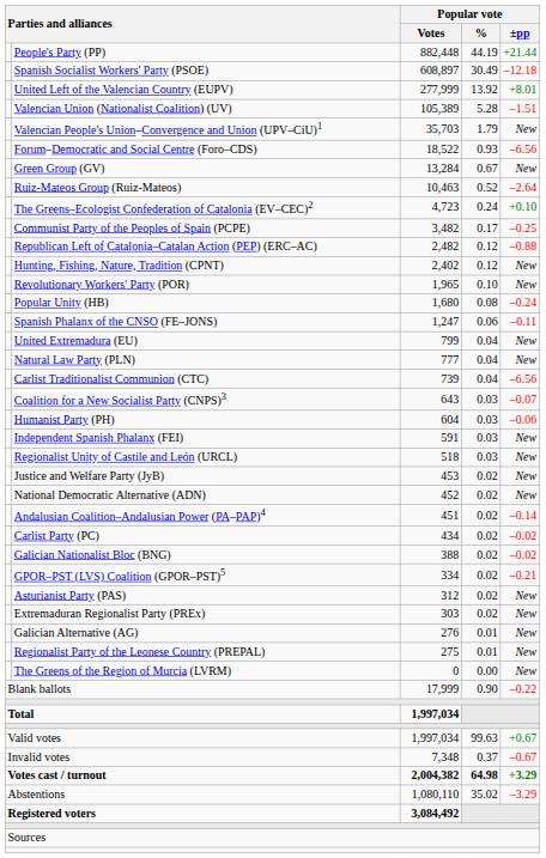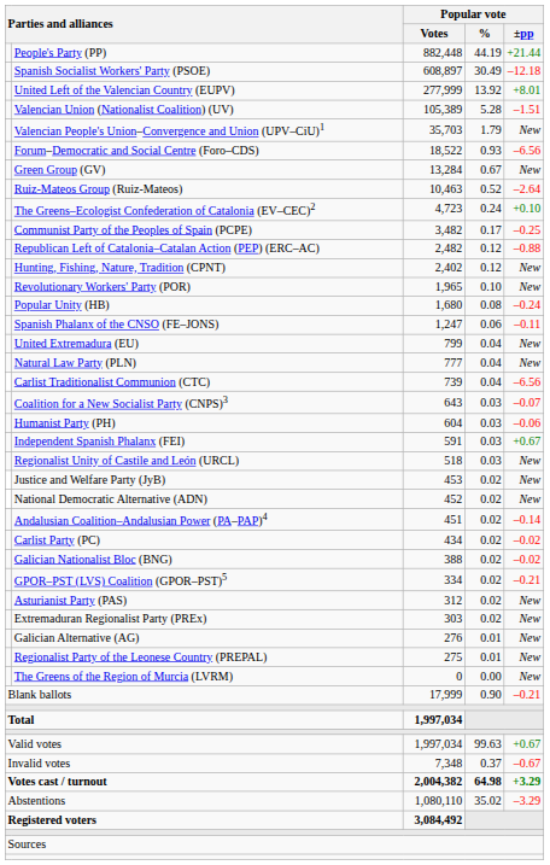 <table class="wikitable" style="text-align:right">
 <tr>
 <th style="text-align:left;" rowspan="2" colspan="2" width="525">Parties and alliances</th>
 <th colspan="3">Popular vote</th>
 </tr>
 <tr>
 <th width="75">Votes</th>
 <th width="45">%</th>
 <th width="45">±<a href='#'>pp</a></th>
 </tr>
 <tr>
 <td width="1" style="color:inherit;background:"></td>
 <td align="left"><a href='#'>People's Party</a> (PP)</td>
 <td>882,448</td>
 <td>44.19</td>
 <td style="color:green;">+21.44</td>
 </tr>
 <tr>
 <td style="color:inherit;background:"></td>
 <td align="left"><a href='#'>Spanish Socialist Workers' Party</a> (PSOE)</td>
 <td>608,897</td>
 <td>30.49</td>
 <td style="color:red;">–12.18</td>
 </tr>
 <tr>
 <td style="color:inherit;background:"></td>
 <td align="left"><a href='#'>United Left of the Valencian Country</a> (EUPV)</td>
 <td>277,999</td>
 <td>13.92</td>
 <td style="color:green;">+8.01</td>
 </tr>
 <tr>
 <td style="color:inherit;background:"></td>
 <td align="left"><a href='#'>Valencian Union</a> (<a href='#'>Nationalist Coalition</a>) (UV)</td>
 <td>105,389</td>
 <td>5.28</td>
 <td style="color:red;">–1.51</td>
 </tr>
 <tr>
 <td style="color:inherit;background:"></td>
 <td align="left"><a href='#'>Valencian People's Union</a>–<a href='#'>Convergence and Union</a> (UPV–CiU)<sup>1</sup></td>
 <td>35,703</td>
 <td>1.79</td>
 <td><em>New</em></td>
 </tr>
 <tr>
 <td style="color:inherit;background:"></td>
 <td align="left"><a href='#'>Forum</a>–<a href='#'>Democratic and Social Centre</a> (Foro–CDS)</td>
 <td>18,522</td>
 <td>0.93</td>
 <td style="color:red;">–6.56</td>
 </tr>
 <tr>
 <td style="color:inherit;background:"></td>
 <td align="left"><a href='#'>Green Group</a> (GV)</td>
 <td>13,284</td>
 <td>0.67</td>
 <td><em>New</em></td>
 </tr>
 <tr>
 <td style="color:inherit;background:"></td>
 <td align="left"><a href='#'>Ruiz-Mateos Group</a> (Ruiz-Mateos)</td>
 <td>10,463</td>
 <td>0.52</td>
 <td style="color:red;">–2.64</td>
 </tr>
 <tr>
 <td style="color:inherit;background:"></td>
 <td align="left"><a href='#'>The Greens–Ecologist Confederation of Catalonia</a> (EV–CEC)<sup>2</sup></td>
 <td>4,723</td>
 <td>0.24</td>
 <td style="color:green;">+0.10</td>
 </tr>
 <tr>
 <td style="color:inherit;background:"></td>
 <td align="left"><a href='#'>Communist Party of the Peoples of Spain</a> (PCPE)</td>
 <td>3,482</td>
 <td>0.17</td>
 <td style="color:red;">–0.25</td>
 </tr>
 <tr>
 <td style="color:inherit;background:"></td>
 <td align="left"><a href='#'>Republican Left of Catalonia–Catalan Action</a> (<a href='#'>PEP</a>) (ERC–AC)</td>
 <td>2,482</td>
 <td>0.12</td>
 <td style="color:red;">–0.88</td>
 </tr>
 <tr>
 <td style="color:inherit;background:"></td>
 <td align="left"><a href='#'>Hunting, Fishing, Nature, Tradition</a> (CPNT)</td>
 <td>2,402</td>
 <td>0.12</td>
 <td><em>New</em></td>
 </tr>
 <tr>
 <td style="color:inherit;background:"></td>
 <td align="left"><a href='#'>Revolutionary Workers' Party</a> (POR)</td>
 <td>1,965</td>
 <td>0.10</td>
 <td><em>New</em></td>
 </tr>
 <tr>
 <td style="color:inherit;background:"></td>
 <td align="left"><a href='#'>Popular Unity</a> (HB)</td>
 <td>1,680</td>
 <td>0.08</td>
 <td style="color:red;">–0.24</td>
 </tr>
 <tr>
 <td style="color:inherit;background:"></td>
 <td align="left"><a href='#'>Spanish Phalanx of the CNSO</a> (FE–JONS)</td>
 <td>1,247</td>
 <td>0.06</td>
 <td style="color:red;">–0.11</td>
 </tr>
 <tr>
 <td style="color:inherit;background:"></td>
 <td align="left"><a href='#'>United Extremadura</a> (EU)</td>
 <td>799</td>
 <td>0.04</td>
 <td><em>New</em></td>
 </tr>
 <tr>
 <td style="color:inherit;background:"></td>
 <td align="left"><a href='#'>Natural Law Party</a> (PLN)</td>
 <td>777</td>
 <td>0.04</td>
 <td><em>New</em></td>
 </tr>
 <tr>
 <td bgcolor="white"></td>
 <td align="left"><a href='#'>Carlist Traditionalist Communion</a> (CTC)</td>
 <td>739</td>
 <td>0.04</td>
 <td style="color:red;">–6.56</td>
 </tr>
 <tr>
 <td style="color:inherit;background:"></td>
 <td align="left"><a href='#'>Coalition for a New Socialist Party</a> (CNPS)<sup>3</sup></td>
 <td>643</td>
 <td>0.03</td>
 <td style="color:red;">–0.07</td>
 </tr>
 <tr>
 <td style="color:inherit;background:"></td>
 <td align="left"><a href='#'>Humanist Party</a> (PH)</td>
 <td>604</td>
 <td>0.03</td>
 <td style="color:red;">–0.06</td>
 </tr>
 <tr>
 <td style="color:inherit;background:"></td>
 <td align="left"><a href='#'>Independent Spanish Phalanx</a> (FEI)</td>
 <td>591</td>
 <td>0.03</td>
-<td><em>New</em></td>
+<td style="color:green;">+0.67</td>
 </tr>
 <tr>
 <td style="color:inherit;background:"></td>
 <td align="left"><a href='#'>Regionalist Unity of Castile and León</a> (URCL)</td>
 <td>518</td>
 <td>0.03</td>
 <td><em>New</em></td>
 </tr>
 <tr>
 <td bgcolor="white"></td>
 <td align="left">Justice and Welfare Party (JyB)</td>
 <td>453</td>
 <td>0.02</td>
 <td><em>New</em></td>
 </tr>
 <tr>
 <td bgcolor="white"></td>
 <td align="left">National Democratic Alternative (ADN)</td>
 <td>452</td>
 <td>0.02</td>
 <td><em>New</em></td>
 </tr>
 <tr>
 <td style="color:inherit;background:"></td>
 <td align="left"><a href='#'>Andalusian Coalition–Andalusian Power</a> (<a href='#'>PA</a>–<a href='#'>PAP</a>)<sup>4</sup></td>
 <td>451</td>
 <td>0.02</td>
 <td style="color:red;">–0.14</td>
 </tr>
 <tr>
 <td style="color:inherit;background:"></td>
 <td align="left"><a href='#'>Carlist Party</a> (PC)</td>
 <td>434</td>
 <td>0.02</td>
 <td style="color:red;">–0.02</td>
 </tr>
 <tr>
 <td style="color:inherit;background:"></td>
 <td align="left"><a href='#'>Galician Nationalist Bloc</a> (BNG)</td>
 <td>388</td>
 <td>0.02</td>
 <td style="color:red;">–0.02</td>
 </tr>
 <tr>
 <td style="color:inherit;background:"></td>
 <td align="left"><a href='#'>GPOR–PST (LVS) Coalition</a> (GPOR–PST)<sup>5</sup></td>
 <td>334</td>
 <td>0.02</td>
 <td style="color:red;">–0.21</td>
 </tr>
 <tr>
 <td style="color:inherit;background:"></td>
 <td align="left"><a href='#'>Asturianist Party</a> (PAS)</td>
 <td>312</td>
 <td>0.02</td>
 <td><em>New</em></td>
 </tr>
 <tr>
 <td style="color:inherit;background:"></td>
 <td align="left">Extremaduran Regionalist Party (PREx)</td>
 <td>303</td>
 <td>0.02</td>
 <td><em>New</em></td>
 </tr>
 <tr>
 <td style="color:inherit;background:"></td>
 <td align="left">Galician Alternative (AG)</td>
 <td>276</td>
 <td>0.01</td>
 <td><em>New</em></td>
 </tr>
 <tr>
 <td style="color:inherit;background:"></td>
 <td align="left"><a href='#'>Regionalist Party of the Leonese Country</a> (PREPAL)</td>
 <td>275</td>
 <td>0.01</td>
 <td><em>New</em></td>
 </tr>
 <tr>
 <td style="color:inherit;background:"></td>
 <td align="left"><a href='#'>The Greens of the Region of Murcia</a> (LVRM)</td>
 <td>0</td>
 <td>0.00</td>
 <td><em>New</em></td>
 </tr>
 <tr>
 <td align="left" colspan="2">Blank ballots</td>
 <td>17,999</td>
 <td>0.90</td>
-<td style="color:red;">–0.22</td>
+<td style="color:red;">–0.21</td>
 </tr>
 <tr>
 <td colspan="5" bgcolor="#E9E9E9"></td>
 </tr>
 <tr style="font-weight:bold;">
 <td align="left" colspan="2">Total</td>
 <td>1,997,034</td>
 <td bgcolor="#E9E9E9" colspan="2"></td>
 </tr>
 <tr>
 <td colspan="5" bgcolor="#E9E9E9"></td>
 </tr>
 <tr>
 <td align="left" colspan="2">Valid votes</td>
 <td>1,997,034</td>
 <td>99.63</td>
 <td style="color:green;">+0.67</td>
 </tr>
 <tr>
 <td align="left" colspan="2">Invalid votes</td>
 <td>7,348</td>
 <td>0.37</td>
 <td style="color:red;">–0.67</td>
 </tr>
 <tr style="font-weight:bold;">
 <td align="left" colspan="2">Votes cast / turnout</td>
 <td>2,004,382</td>
 <td>64.98</td>
 <td style="color:green;">+3.29</td>
 </tr>
 <tr>
 <td align="left" colspan="2">Abstentions</td>
 <td>1,080,110</td>
 <td>35.02</td>
 <td style="color:red;">–3.29</td>
 </tr>
 <tr style="font-weight:bold;">
 <td align="left" colspan="2">Registered voters</td>
 <td>3,084,492</td>
 <td bgcolor="#E9E9E9" colspan="2"></td>
 </tr>
 <tr>
 <td colspan="5" bgcolor="#E9E9E9"></td>
 </tr>
 <tr>
 <td align="left" colspan="5">Sources</td>
 </tr>
 <tr>
 <td colspan="5" style="text-align:left; max-width:680px;"></td>
 </tr>
 </table>
